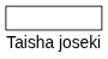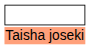 <table style="margin:1em;">
 <tr>
 <td style="border: solid thin; padding: 2px;"><br></td>
 </tr>
 <tr>
-<td style="text-align:center">Taisha joseki</td>
+<td style="background: lightsalmon; text-align:center">Taisha joseki</td>
 </tr>
 </table>
